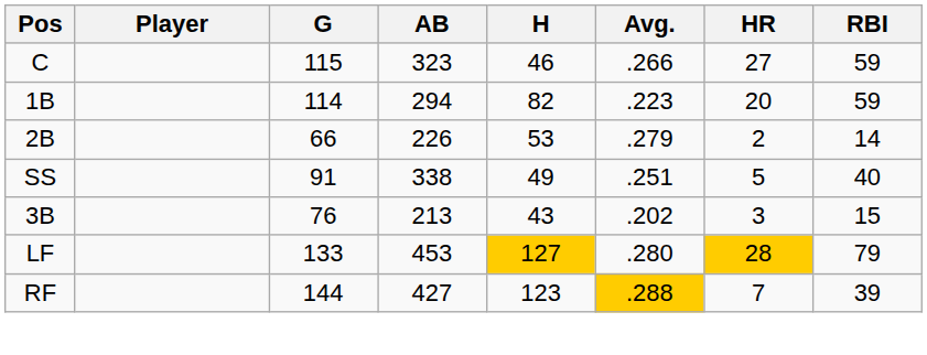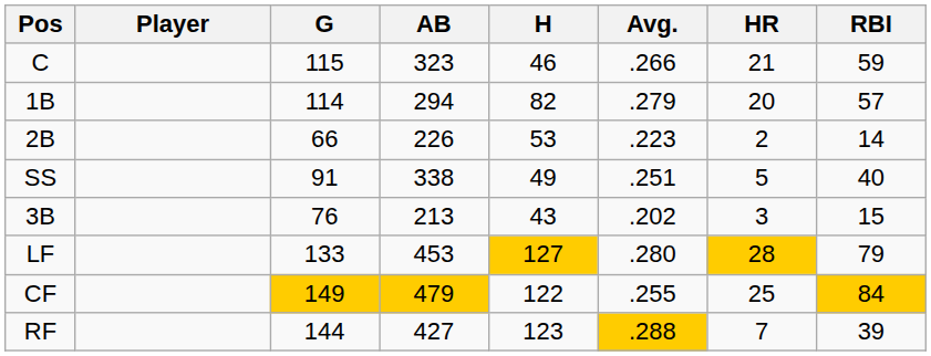 <table class="wikitable sortable">
 <tr>
 <th bgcolor="#DDDDFF" width="5%">Pos</th>
 <th bgcolor="#DDDDFF" width="16%">Player</th>
 <th bgcolor="#DDDDFF" width="9%">G</th>
 <th bgcolor="#DDDDFF" width="9%">AB</th>
 <th bgcolor="#DDDDFF" width="9%">H</th>
 <th bgcolor="#DDDDFF" width="9%">Avg.</th>
 <th bgcolor="#DDDDFF" width="9%">HR</th>
 <th bgcolor="#DDDDFF" width="9%">RBI</th>
 </tr>
 <tr align="center">
 <td>C</td>
 <td></td>
 <td>115</td>
 <td>323</td>
 <td>46</td>
 <td>.266</td>
-<td>27</td>
+<td>21</td>
 <td>59</td>
 </tr>
 <tr align="center">
 <td>1B</td>
 <td></td>
 <td>114</td>
 <td>294</td>
 <td>82</td>
-<td>.223</td>
+<td>.279</td>
 <td>20</td>
-<td>59</td>
+<td>57</td>
 </tr>
 <tr align="center">
 <td>2B</td>
 <td></td>
 <td>66</td>
 <td>226</td>
 <td>53</td>
-<td>.279</td>
+<td>.223</td>
 <td>2</td>
 <td>14</td>
 </tr>
 <tr align="center">
 <td>SS</td>
 <td></td>
 <td>91</td>
 <td>338</td>
 <td>49</td>
 <td>.251</td>
 <td>5</td>
 <td>40</td>
 </tr>
 <tr align="center">
 <td>3B</td>
 <td></td>
 <td>76</td>
 <td>213</td>
 <td>43</td>
 <td>.202</td>
 <td>3</td>
 <td>15</td>
 </tr>
 <tr align="center">
 <td>LF</td>
 <td></td>
 <td>133</td>
 <td>453</td>
 <td style="background:#fc0;">127</td>
 <td>.280</td>
 <td style="background:#fc0;">28</td>
 <td>79</td>
 </tr>
 <tr align="center">
+<td>CF</td>
+<td></td>
+<td style="background:#fc0;">149</td>
+<td style="background:#fc0;">479</td>
+<td>122</td>
+<td>.255</td>
+<td>25</td>
+<td style="background:#fc0;">84</td>
+</tr>
+<tr align="center">
 <td>RF</td>
 <td></td>
 <td>144</td>
 <td>427</td>
 <td>123</td>
 <td style="background:#fc0;">.288</td>
 <td>7</td>
 <td>39</td>
 </tr>
 </table>
